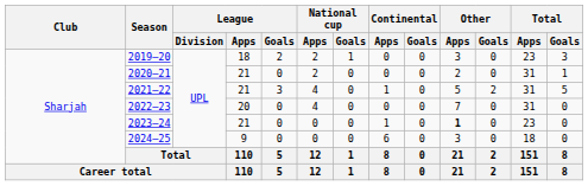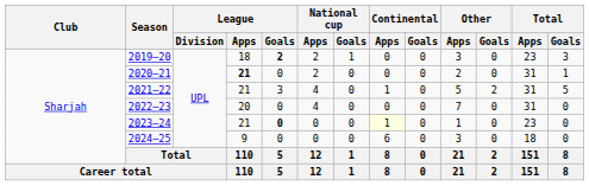 <table class="wikitable" style="text-align:center">
 <tr>
 <th rowspan="2" width="150">Club</th>
 <th rowspan="2">Season</th>
 <th colspan="3">League</th>
 <th colspan="2">National cup</th>
 <th colspan="2">Continental</th>
 <th colspan="2">Other</th>
 <th colspan="2">Total</th>
 </tr>
 <tr>
 <th>Division</th>
 <th width="40">Apps</th>
 <th width="40">Goals</th>
 <th width="40">Apps</th>
 <th width="40">Goals</th>
 <th width="40">Apps</th>
 <th width="40">Goals</th>
 <th width="40">Apps</th>
 <th width="40">Goals</th>
 <th width="40">Apps</th>
 <th width="40">Goals</th>
 </tr>
 <tr>
 <td rowspan="7"><a href='#'>Sharjah</a></td>
 <td><a href='#'>2019–20</a></td>
 <td rowspan="6"><a href='#'>UPL</a></td>
 <td>18</td>
-<td>2</td>
+<td><strong>2</strong></td>
 <td>2</td>
 <td>1</td>
 <td>0</td>
 <td>0</td>
 <td>3</td>
 <td>0</td>
 <td>23</td>
 <td>3</td>
 </tr>
 <tr>
 <td><a href='#'>2020–21</a></td>
-<td>21</td>
+<td><strong>21</strong></td>
 <td>0</td>
 <td>2</td>
 <td>0</td>
 <td>0</td>
 <td>0</td>
 <td>2</td>
 <td>0</td>
 <td>31</td>
 <td>1</td>
 </tr>
 <tr>
 <td><a href='#'>2021–22</a></td>
 <td>21</td>
 <td>3</td>
 <td>4</td>
 <td>0</td>
 <td>1</td>
 <td>0</td>
 <td>5</td>
 <td>2</td>
 <td>31</td>
 <td>5</td>
 </tr>
 <tr>
 <td><a href='#'>2022–23</a></td>
 <td>20</td>
 <td>0</td>
 <td>4</td>
 <td>0</td>
 <td>0</td>
 <td>0</td>
 <td>7</td>
 <td>0</td>
 <td>31</td>
 <td>0</td>
 </tr>
 <tr>
 <td><a href='#'>2023–24</a></td>
 <td>21</td>
+<td><strong>0</strong></td>
 <td>0</td>
 <td>0</td>
+<td style="background: lightyellow;">1</td>
 <td>0</td>
 <td>1</td>
-<td>0</td>
-<td><strong>1</strong></td>
 <td>0</td>
 <td>23</td>
 <td>0</td>
 </tr>
 <tr>
 <td><a href='#'>2024–25</a></td>
 <td>9</td>
 <td>0</td>
 <td>0</td>
 <td>0</td>
 <td>6</td>
 <td>0</td>
 <td>3</td>
 <td>0</td>
 <td>18</td>
 <td>0</td>
 </tr>
 <tr>
 <th colspan="2">Total</th>
 <th>110</th>
 <th>5</th>
 <th>12</th>
 <th>1</th>
 <th>8</th>
 <th>0</th>
 <th>21</th>
 <th>2</th>
 <th>151</th>
 <th>8</th>
 </tr>
 <tr>
 <th colspan="3">Career total</th>
 <th>110</th>
 <th>5</th>
 <th>12</th>
 <th>1</th>
 <th>8</th>
 <th>0</th>
 <th>21</th>
 <th>2</th>
 <th>151</th>
 <th>8</th>
 </tr>
 </table>
